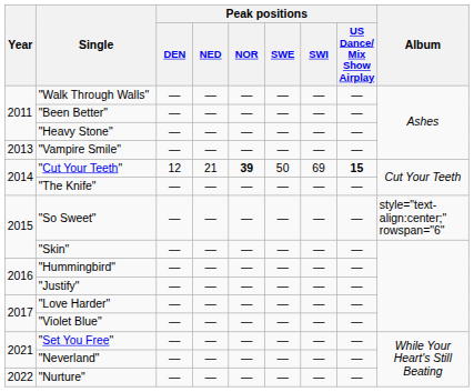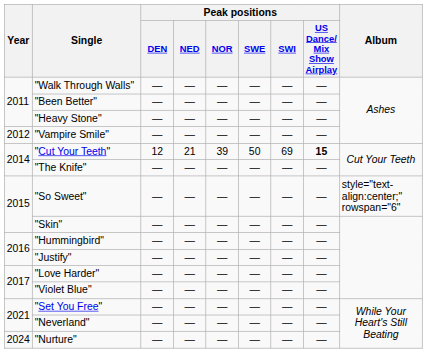 <table class="wikitable">
 <tr>
 <th align="center" rowspan="2" width="10">Year</th>
 <th align="center" rowspan="2" width="160">Single</th>
 <th align="center" colspan="6" width="20">Peak positions</th>
 <th align="center" rowspan="2" width="120">Album</th>
 </tr>
 <tr>
 <th scope="col" style="width:3em;font-size:90%;"><a href='#'>DEN</a><br></th>
 <th scope="col" style="width:3em;font-size:90%;"><a href='#'>NED</a><br></th>
 <th scope="col" style="width:3em;font-size:90%;"><a href='#'>NOR</a><br></th>
 <th scope="col" style="width:3em;font-size:90%;"><a href='#'>SWE</a><br></th>
 <th scope="col" style="width:3em;font-size:90%;"><a href='#'>SWI</a><br></th>
 <th scope="col" style="width:3em;font-size:90%;"><a href='#'>US <br>Dance/<br>Mix Show<br> Airplay</a></th>
 </tr>
 <tr>
 <td rowspan="3">2011</td>
 <td scope="row">"Walk Through Walls"</td>
 <td style="text-align:center;">—</td>
 <td style="text-align:center;">—</td>
 <td style="text-align:center;">—</td>
 <td style="text-align:center;">—</td>
 <td style="text-align:center;">—</td>
 <td style="text-align:center;">—</td>
 <td style="text-align:center;" rowspan="4"><em>Ashes</em></td>
 </tr>
 <tr>
 <td scope="row">"Been Better"</td>
 <td style="text-align:center;">—</td>
 <td style="text-align:center;">—</td>
 <td style="text-align:center;">—</td>
 <td style="text-align:center;">—</td>
 <td style="text-align:center;">—</td>
 <td style="text-align:center;">—</td>
 </tr>
 <tr>
 <td scope="row">"Heavy Stone"</td>
 <td style="text-align:center;">—</td>
 <td style="text-align:center;">—</td>
 <td style="text-align:center;">—</td>
 <td style="text-align:center;">—</td>
 <td style="text-align:center;">—</td>
 <td style="text-align:center;">—</td>
 </tr>
 <tr>
-<td>2013</td>
+<td>2012</td>
 <td scope="row">"Vampire Smile"</td>
 <td style="text-align:center;">—</td>
 <td style="text-align:center;">—</td>
 <td style="text-align:center;">—</td>
 <td style="text-align:center;">—</td>
 <td style="text-align:center;">—</td>
 <td style="text-align:center;">—</td>
 </tr>
 <tr>
 <td rowspan="2">2014</td>
 <td scope="row">"<a href='#'>Cut Your Teeth</a>"</td>
 <td style="text-align:center;">12</td>
 <td style="text-align:center;">21</td>
-<td style="text-align:center;"><strong>39</strong></td>
+<td style="text-align:center;">39</td>
 <td style="text-align:center;">50</td>
 <td style="text-align:center;">69</td>
 <td style="text-align:center;"><strong>15</strong></td>
 <td style="text-align:center;" rowspan="2"><em>Cut Your Teeth</em></td>
 </tr>
 <tr>
 <td scope="row">"The Knife"</td>
 <td style="text-align:center;">—</td>
 <td style="text-align:center;">—</td>
 <td style="text-align:center;">—</td>
 <td style="text-align:center;">—</td>
 <td style="text-align:center;">—</td>
 <td style="text-align:center;">—</td>
 </tr>
 <tr>
 <td rowspan="2">2015</td>
 <td scope="row">"So Sweet"</td>
 <td style="text-align:center;">—</td>
 <td style="text-align:center;">—</td>
 <td style="text-align:center;">—</td>
 <td style="text-align:center;">—</td>
 <td style="text-align:center;">—</td>
 <td style="text-align:center;">—</td>
 <td>style="text-align:center;" rowspan="6" </td>
 </tr>
 <tr>
 <td scope="row">"Skin"</td>
 <td style="text-align:center;">—</td>
 <td style="text-align:center;">—</td>
 <td style="text-align:center;">—</td>
 <td style="text-align:center;">—</td>
 <td style="text-align:center;">—</td>
 <td style="text-align:center;">—</td>
 </tr>
 <tr>
 <td rowspan="2">2016</td>
 <td scope="row">"Hummingbird"</td>
 <td style="text-align:center;">—</td>
 <td style="text-align:center;">—</td>
 <td style="text-align:center;">—</td>
 <td style="text-align:center;">—</td>
 <td style="text-align:center;">—</td>
 <td style="text-align:center;">—</td>
 </tr>
 <tr>
 <td scope="row">"Justify"</td>
 <td style="text-align:center;">—</td>
 <td style="text-align:center;">—</td>
 <td style="text-align:center;">—</td>
 <td style="text-align:center;">—</td>
 <td style="text-align:center;">—</td>
 <td style="text-align:center;">—</td>
 </tr>
 <tr>
 <td rowspan="2">2017</td>
 <td scope="row">"Love Harder"</td>
 <td style="text-align:center;">—</td>
 <td style="text-align:center;">—</td>
 <td style="text-align:center;">—</td>
 <td style="text-align:center;">—</td>
 <td style="text-align:center;">—</td>
 <td style="text-align:center;">—</td>
 </tr>
 <tr>
 <td scope="row">"Violet Blue"</td>
 <td style="text-align:center;">—</td>
 <td style="text-align:center;">—</td>
 <td style="text-align:center;">—</td>
 <td style="text-align:center;">—</td>
 <td style="text-align:center;">—</td>
 <td style="text-align:center;">—</td>
 </tr>
 <tr>
 <td rowspan="2">2021</td>
 <td scope="row">"<a href='#'>Set You Free</a>"</td>
 <td style="text-align:center;">—</td>
 <td style="text-align:center;">—</td>
 <td style="text-align:center;">—</td>
 <td style="text-align:center;">—</td>
 <td style="text-align:center;">—</td>
 <td style="text-align:center;">—</td>
 <td style="text-align:center;" rowspan="3"><em>While Your Heart's Still Beating</em></td>
 </tr>
 <tr>
 <td scope="row">"Neverland"</td>
 <td style="text-align:center;">—</td>
 <td style="text-align:center;">—</td>
 <td style="text-align:center;">—</td>
 <td style="text-align:center;">—</td>
 <td style="text-align:center;">—</td>
 <td style="text-align:center;">—</td>
 </tr>
 <tr>
-<td rowspan="1">2022</td>
+<td rowspan="1">2024</td>
 <td scope="row">"Nurture"</td>
 <td style="text-align:center;">—</td>
 <td style="text-align:center;">—</td>
 <td style="text-align:center;">—</td>
 <td style="text-align:center;">—</td>
 <td style="text-align:center;">—</td>
 <td style="text-align:center;">—</td>
 </tr>
 </table>
